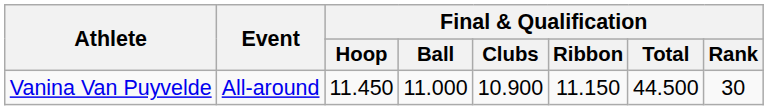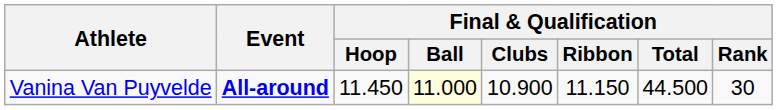 <table class="wikitable" style="text-align:center; font-size:90%">
 <tr>
 <th rowspan=2>Athlete</th>
 <th rowspan=2>Event</th>
 <th colspan=6>Final & Qualification</th>
 </tr>
 <tr style="font-size:95%">
 <th>Hoop</th>
 <th>Ball</th>
 <th>Clubs</th>
 <th>Ribbon</th>
 <th>Total</th>
 <th>Rank</th>
 </tr>
 <tr>
 <td align=left><a href='#'>Vanina Van Puyvelde</a></td>
-<td align=left><a href='#'>All-around</a></td>
+<td align=left><strong><a href='#'>All-around</a></strong></td>
 <td>11.450</td>
-<td>11.000</td>
+<td style="background: lightyellow;">11.000</td>
 <td>10.900</td>
 <td>11.150</td>
 <td>44.500</td>
 <td>30</td>
 </tr>
 </table>
